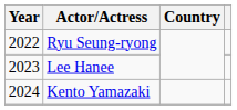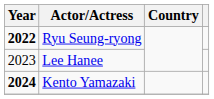 <table class="wikitable">
 <tr>
 <th>Year</th>
 <th>Actor/Actress</th>
 <th>Country</th>
 <th></th>
 </tr>
 <tr>
-<td>2022</td>
+<td><strong>2022</strong></td>
 <td><a href='#'>Ryu Seung-ryong</a></td>
 <td rowspan=2></td>
 <td></td>
 </tr>
 <tr>
 <td>2023</td>
 <td><a href='#'>Lee Hanee</a></td>
 <td></td>
 </tr>
 <tr>
-<td>2024</td>
+<td><strong>2024</strong></td>
 <td><a href='#'>Kento Yamazaki</a></td>
 <td></td>
 <td></td>
 </tr>
 <tr>
 </tr>
 </table>
